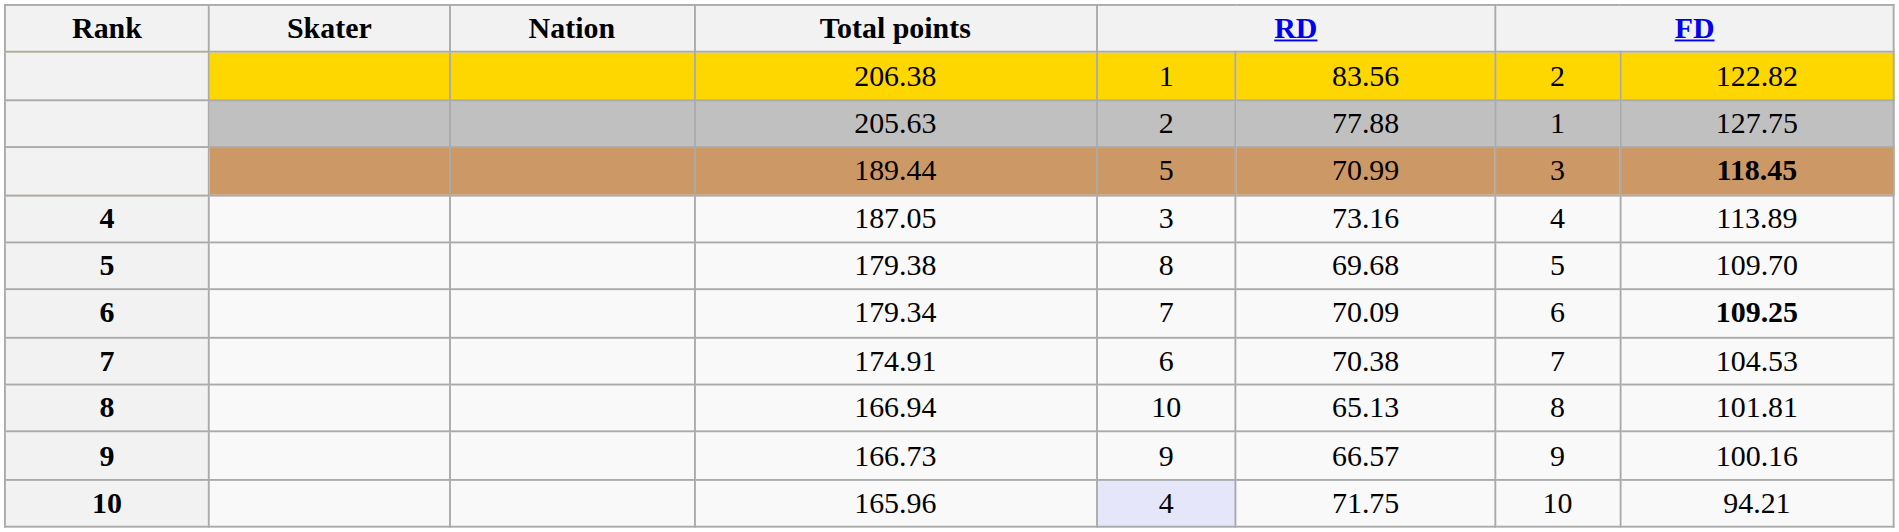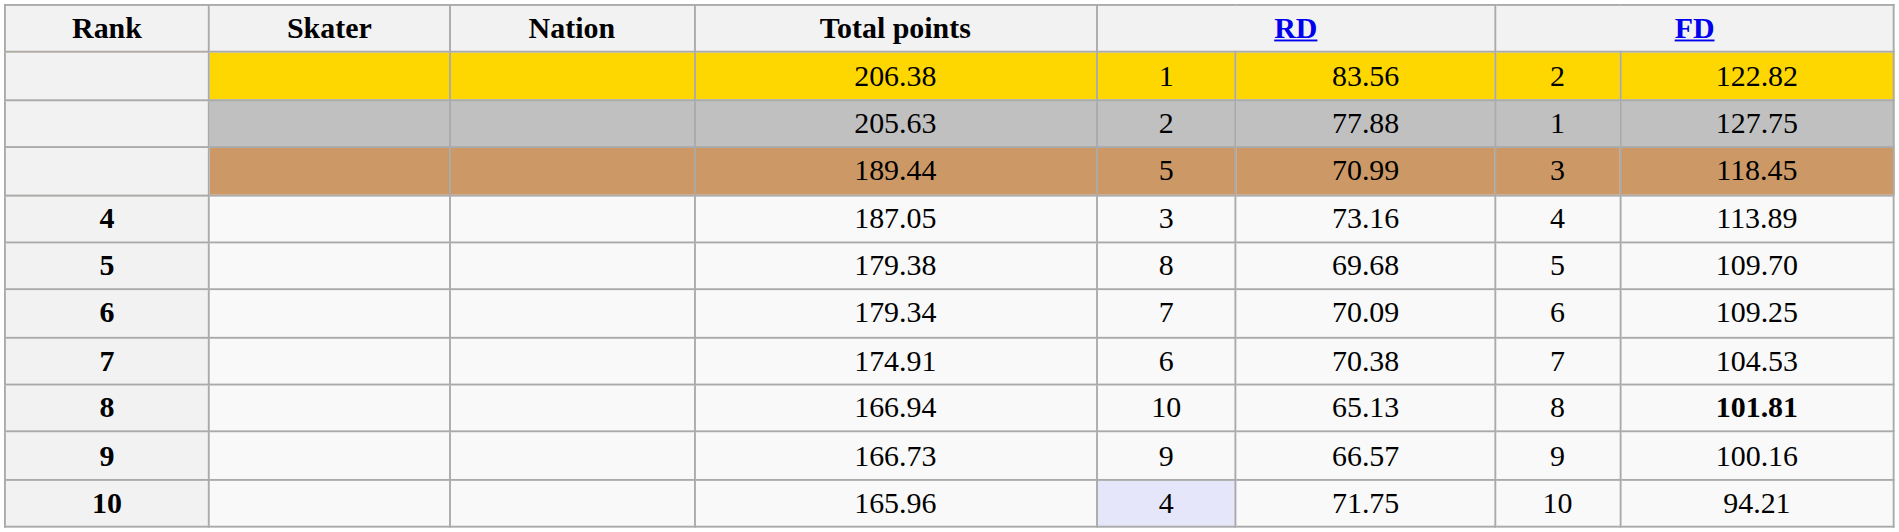 <table class="wikitable sortable" style="text-align:center;" width="80%">
 <tr>
 <th scope="col">Rank</th>
 <th scope="col">Skater</th>
 <th scope="col">Nation</th>
 <th scope="col">Total points</th>
 <th scope="col" colspan="2" width="80px"><a href='#'>RD</a></th>
 <th scope="col" colspan="2" width="80px"><a href='#'>FD</a></th>
 </tr>
 <tr bgcolor="gold">
 <th scope="row"></th>
 <td align="left"></td>
 <td align="left"></td>
 <td>206.38</td>
 <td>1</td>
 <td>83.56</td>
 <td>2</td>
 <td>122.82</td>
 </tr>
 <tr bgcolor="silver">
 <th scope="row"></th>
 <td align="left"></td>
 <td align="left"></td>
 <td>205.63</td>
 <td>2</td>
 <td>77.88</td>
 <td>1</td>
 <td>127.75</td>
 </tr>
 <tr bgcolor="cc9966">
 <th scope="row"></th>
 <td align="left"></td>
 <td align="left"></td>
 <td>189.44</td>
 <td>5</td>
 <td>70.99</td>
 <td>3</td>
-<td><strong>118.45</strong></td>
+<td>118.45</td>
 </tr>
 <tr>
 <th scope="row">4</th>
 <td align="left"></td>
 <td align="left"></td>
 <td>187.05</td>
 <td>3</td>
 <td>73.16</td>
 <td>4</td>
 <td>113.89</td>
 </tr>
 <tr>
 <th scope="row">5</th>
 <td align="left"></td>
 <td align="left"></td>
 <td>179.38</td>
 <td>8</td>
 <td>69.68</td>
 <td>5</td>
 <td>109.70</td>
 </tr>
 <tr>
 <th scope="row">6</th>
 <td align="left"></td>
 <td align="left"></td>
 <td>179.34</td>
 <td>7</td>
 <td>70.09</td>
 <td>6</td>
-<td><strong>109.25</strong></td>
+<td>109.25</td>
 </tr>
 <tr>
 <th scope="row">7</th>
 <td align="left"></td>
 <td align="left"></td>
 <td>174.91</td>
 <td>6</td>
 <td>70.38</td>
 <td>7</td>
 <td>104.53</td>
 </tr>
 <tr>
 <th scope="row">8</th>
 <td align="left"></td>
 <td align="left"></td>
 <td>166.94</td>
 <td>10</td>
 <td>65.13</td>
 <td>8</td>
-<td>101.81</td>
+<td><strong>101.81</strong></td>
 </tr>
 <tr>
 <th scope="row">9</th>
 <td align="left"></td>
 <td align="left"></td>
 <td>166.73</td>
 <td>9</td>
 <td>66.57</td>
 <td>9</td>
 <td>100.16</td>
 </tr>
 <tr>
 <th scope="row">10</th>
 <td align="left"></td>
 <td align="left"></td>
 <td>165.96</td>
 <td style="background: lavender;">4</td>
 <td>71.75</td>
 <td>10</td>
 <td>94.21</td>
 </tr>
 </table>
